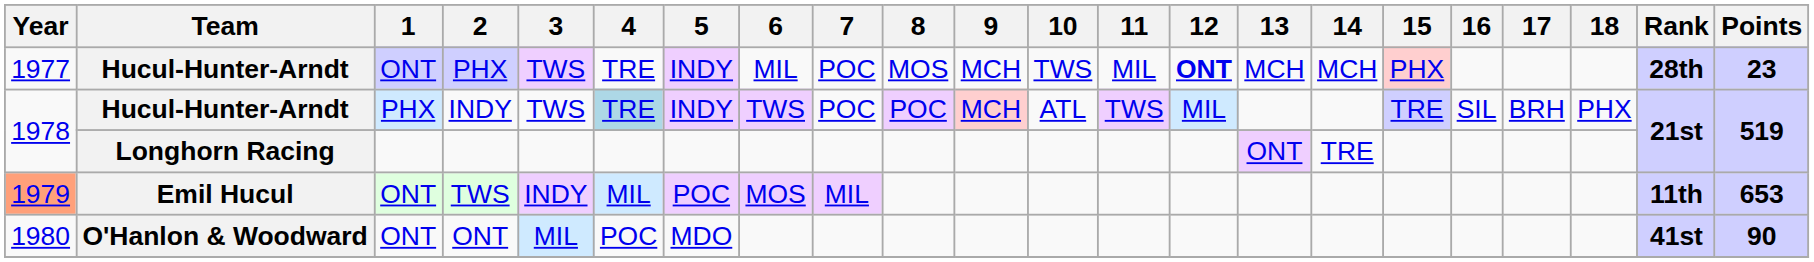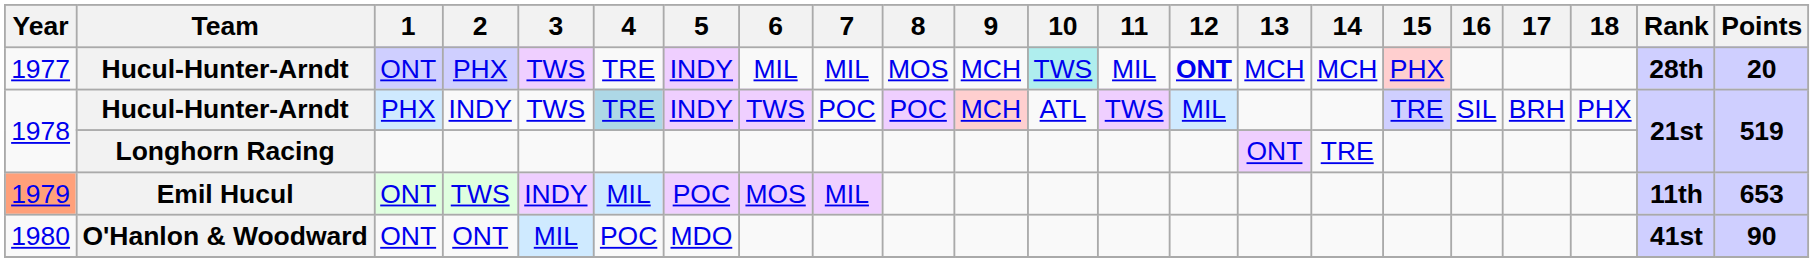 <table class="wikitable" style="text-align:center; font-size:90%">
 <tr>
 <th>Year</th>
 <th>Team</th>
 <th>1</th>
 <th>2</th>
 <th>3</th>
 <th>4</th>
 <th>5</th>
 <th>6</th>
 <th>7</th>
 <th>8</th>
 <th>9</th>
 <th>10</th>
 <th>11</th>
 <th>12</th>
 <th>13</th>
 <th>14</th>
 <th>15</th>
 <th>16</th>
 <th>17</th>
 <th>18</th>
 <th>Rank</th>
 <th>Points</th>
 </tr>
 <tr>
 <td><a href='#'>1977</a></td>
 <th>Hucul-Hunter-Arndt</th>
 <td style="background:#CFCFFF;"><a href='#'>ONT</a><br></td>
 <td style="background:#CFCFFF;"><a href='#'>PHX</a><br></td>
 <td style="background:#EFCFFF;"><a href='#'>TWS</a><br></td>
 <td><a href='#'>TRE</a></td>
 <td style="background:#EFCFFF;"><a href='#'>INDY</a><br></td>
 <td><a href='#'>MIL</a></td>
-<td><a href='#'>POC</a></td>
+<td><a href='#'>MIL</a></td>
 <td><a href='#'>MOS</a></td>
 <td><a href='#'>MCH</a></td>
-<td><a href='#'>TWS</a></td>
+<td style="background: paleturquoise;"><a href='#'>TWS</a></td>
 <td><a href='#'>MIL</a></td>
 <td><strong><a href='#'>ONT</a></strong></td>
 <td><a href='#'>MCH</a></td>
 <td><a href='#'>MCH</a></td>
 <td style="background:#FFCFCF;"><a href='#'>PHX</a><br></td>
 <td></td>
 <td></td>
 <td></td>
 <th style="background:#CFCFFF;">28th</th>
-<th style="background:#CFCFFF;">23</th>
+<th style="background:#CFCFFF;">20</th>
 </tr>
 <tr>
 <td rowspan=2><a href='#'>1978</a></td>
 <th>Hucul-Hunter-Arndt</th>
 <td style="background:#CFEAFF;"><a href='#'>PHX</a><br></td>
 <td><a href='#'>INDY</a></td>
 <td><a href='#'>TWS</a></td>
 <td style="background: lightblue;"><a href='#'>TRE</a></td>
 <td style="background:#EFCFFF;"><a href='#'>INDY</a><br></td>
 <td style="background:#EFCFFF;"><a href='#'>TWS</a><br></td>
 <td><a href='#'>POC</a></td>
 <td style="background:#EFCFFF;"><a href='#'>POC</a><br></td>
 <td style="background:#FFCFCF;"><a href='#'>MCH</a><br></td>
 <td><a href='#'>ATL</a></td>
 <td style="background:#EFCFFF;"><a href='#'>TWS</a><br></td>
 <td style="background:#CFEAFF;"><a href='#'>MIL</a><br></td>
 <td></td>
 <td></td>
 <td style="background:#CFCFFF;"><a href='#'>TRE</a><br></td>
 <td><a href='#'>SIL</a></td>
 <td><a href='#'>BRH</a></td>
 <td><a href='#'>PHX</a></td>
 <th style="background:#CFCFFF;" rowspan=2>21st</th>
 <th style="background:#CFCFFF;" rowspan=2>519</th>
 </tr>
 <tr>
 <th>Longhorn Racing</th>
 <td></td>
 <td></td>
 <td></td>
 <td></td>
 <td></td>
 <td></td>
 <td></td>
 <td></td>
 <td></td>
 <td></td>
 <td></td>
 <td></td>
 <td style="background:#EFCFFF;"><a href='#'>ONT</a><br></td>
 <td><a href='#'>TRE</a></td>
 <td></td>
 <td></td>
 <td></td>
 <td></td>
 </tr>
 <tr>
 <td style="background: lightsalmon;"><a href='#'>1979</a></td>
 <th>Emil Hucul</th>
 <td style="background:#DFFFDF;"><a href='#'>ONT</a><br></td>
 <td style="background:#DFFFDF;"><a href='#'>TWS</a><br></td>
 <td style="background:#EFCFFF;"><a href='#'>INDY</a><br></td>
 <td style="background:#CFEAFF;"><a href='#'>MIL</a><br></td>
 <td style="background:#EFCFFF;"><a href='#'>POC</a><br></td>
 <td style="background:#EFCFFF;"><a href='#'>MOS</a><br></td>
 <td style="background:#EFCFFF;"><a href='#'>MIL</a><br></td>
 <td></td>
 <td></td>
 <td></td>
 <td></td>
 <td></td>
 <td></td>
 <td></td>
 <td></td>
 <td></td>
 <td></td>
 <td></td>
 <th style="background:#CFCFFF;">11th</th>
 <th style="background:#CFCFFF;">653</th>
 </tr>
 <tr>
 <td><a href='#'>1980</a></td>
 <th>O'Hanlon & Woodward</th>
 <td><a href='#'>ONT</a></td>
 <td><a href='#'>ONT</a></td>
 <td style="background:#CFEAFF;"><a href='#'>MIL</a><br></td>
 <td><a href='#'>POC</a></td>
 <td><a href='#'>MDO</a></td>
 <td></td>
 <td></td>
 <td></td>
 <td></td>
 <td></td>
 <td></td>
 <td></td>
 <td></td>
 <td></td>
 <td></td>
 <td></td>
 <td></td>
 <td></td>
 <th style="background:#CFCFFF;">41st</th>
 <th style="background:#CFCFFF;">90</th>
 </tr>
 <tr>
 </tr>
 </table>
